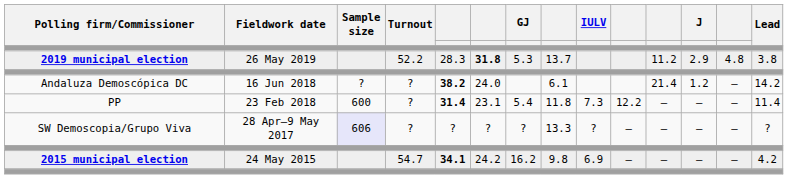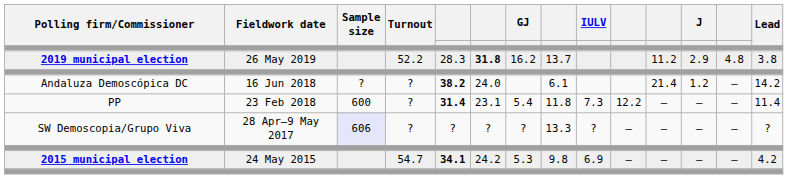 <table class="wikitable collapsible collapsed" style="text-align:center; font-size:95%; line-height:16px;">
 <tr style="height:42px;">
 <th style="width:250px;" rowspan="2">Polling firm/Commissioner</th>
 <th style="width:125px;" rowspan="2">Fieldwork date</th>
 <th style="width:50px;" rowspan="2">Sample size</th>
 <th style="width:45px;" rowspan="2">Turnout</th>
 <th style="width:35px;"></th>
 <th style="width:35px;"></th>
 <th style="width:35px;">GJ</th>
 <th style="width:35px;"></th>
 <th style="width:35px;"><a href='#'>IULV</a></th>
 <th style="width:35px;"></th>
 <th style="width:35px;"></th>
 <th style="width:35px;">J</th>
 <th style="width:35px;"></th>
 <th style="width:30px;" rowspan="2">Lead</th>
 </tr>
 <tr>
 <th style="color:inherit;background:"></th>
 <th style="color:inherit;background:"></th>
 <th style="color:inherit;background:"></th>
 <th style="color:inherit;background:"></th>
 <th style="color:inherit;background:"></th>
 <th style="color:inherit;background:"></th>
 <th style="color:inherit;background:"></th>
 <th style="color:inherit;background:"></th>
 <th style="color:inherit;background:"></th>
 </tr>
 <tr>
 <td colspan="14" style="background:#A0A0A0"></td>
 </tr>
 <tr style="background:#EFEFEF;">
 <td><strong><a href='#'>2019 municipal election</a></strong></td>
 <td>26 May 2019</td>
 <td></td>
 <td>52.2</td>
 <td>28.3<br></td>
 <td><strong>31.8</strong><br></td>
-<td>5.3<br></td>
+<td>16.2<br></td>
 <td>13.7<br></td>
 <td></td>
 <td></td>
 <td>11.2<br></td>
 <td>2.9<br></td>
 <td>4.8<br></td>
 <td style="background:">3.8</td>
 </tr>
 <tr>
 <td colspan="14" style="background:#A0A0A0"></td>
 </tr>
 <tr>
 <td>Andaluza Demoscópica DC</td>
 <td>16 Jun 2018</td>
 <td>?</td>
 <td>?</td>
 <td><strong>38.2</strong><br></td>
 <td>24.0<br></td>
 <td></td>
 <td>6.1<br></td>
 <td></td>
 <td></td>
 <td>21.4<br></td>
 <td>1.2<br></td>
 <td>–</td>
 <td style="background:">14.2</td>
 </tr>
 <tr>
 <td>PP</td>
 <td>23 Feb 2018</td>
 <td>600</td>
 <td>?</td>
 <td><strong>31.4</strong><br></td>
 <td>23.1<br></td>
 <td>5.4<br></td>
 <td>11.8<br></td>
 <td>7.3<br></td>
 <td>12.2<br></td>
 <td>–</td>
 <td>–</td>
 <td>–</td>
 <td style="background:">11.4</td>
 </tr>
 <tr>
 <td>SW Demoscopia/Grupo Viva</td>
 <td>28 Apr–9 May 2017</td>
 <td style="background: lavender;">606</td>
 <td>?</td>
 <td>?<br></td>
 <td>?<br></td>
 <td>?<br></td>
 <td>13.3<br></td>
 <td>?<br></td>
 <td>–</td>
 <td>–</td>
 <td>–</td>
 <td>–</td>
 <td style="background:">?</td>
 </tr>
 <tr>
 <td colspan="14" style="background:#A0A0A0"></td>
 </tr>
 <tr style="background:#EFEFEF;">
 <td><strong><a href='#'>2015 municipal election</a></strong></td>
 <td>24 May 2015</td>
 <td></td>
 <td>54.7</td>
 <td><strong>34.1</strong><br></td>
 <td>24.2<br></td>
-<td>16.2<br></td>
+<td>5.3<br></td>
 <td>9.8<br></td>
 <td>6.9<br></td>
 <td>–</td>
 <td>–</td>
 <td>–</td>
 <td>–</td>
 <td style="background:">4.2</td>
 </tr>
 <tr>
 <td colspan="14" style="background:#A0A0A0"></td>
 </tr>
 </table>
